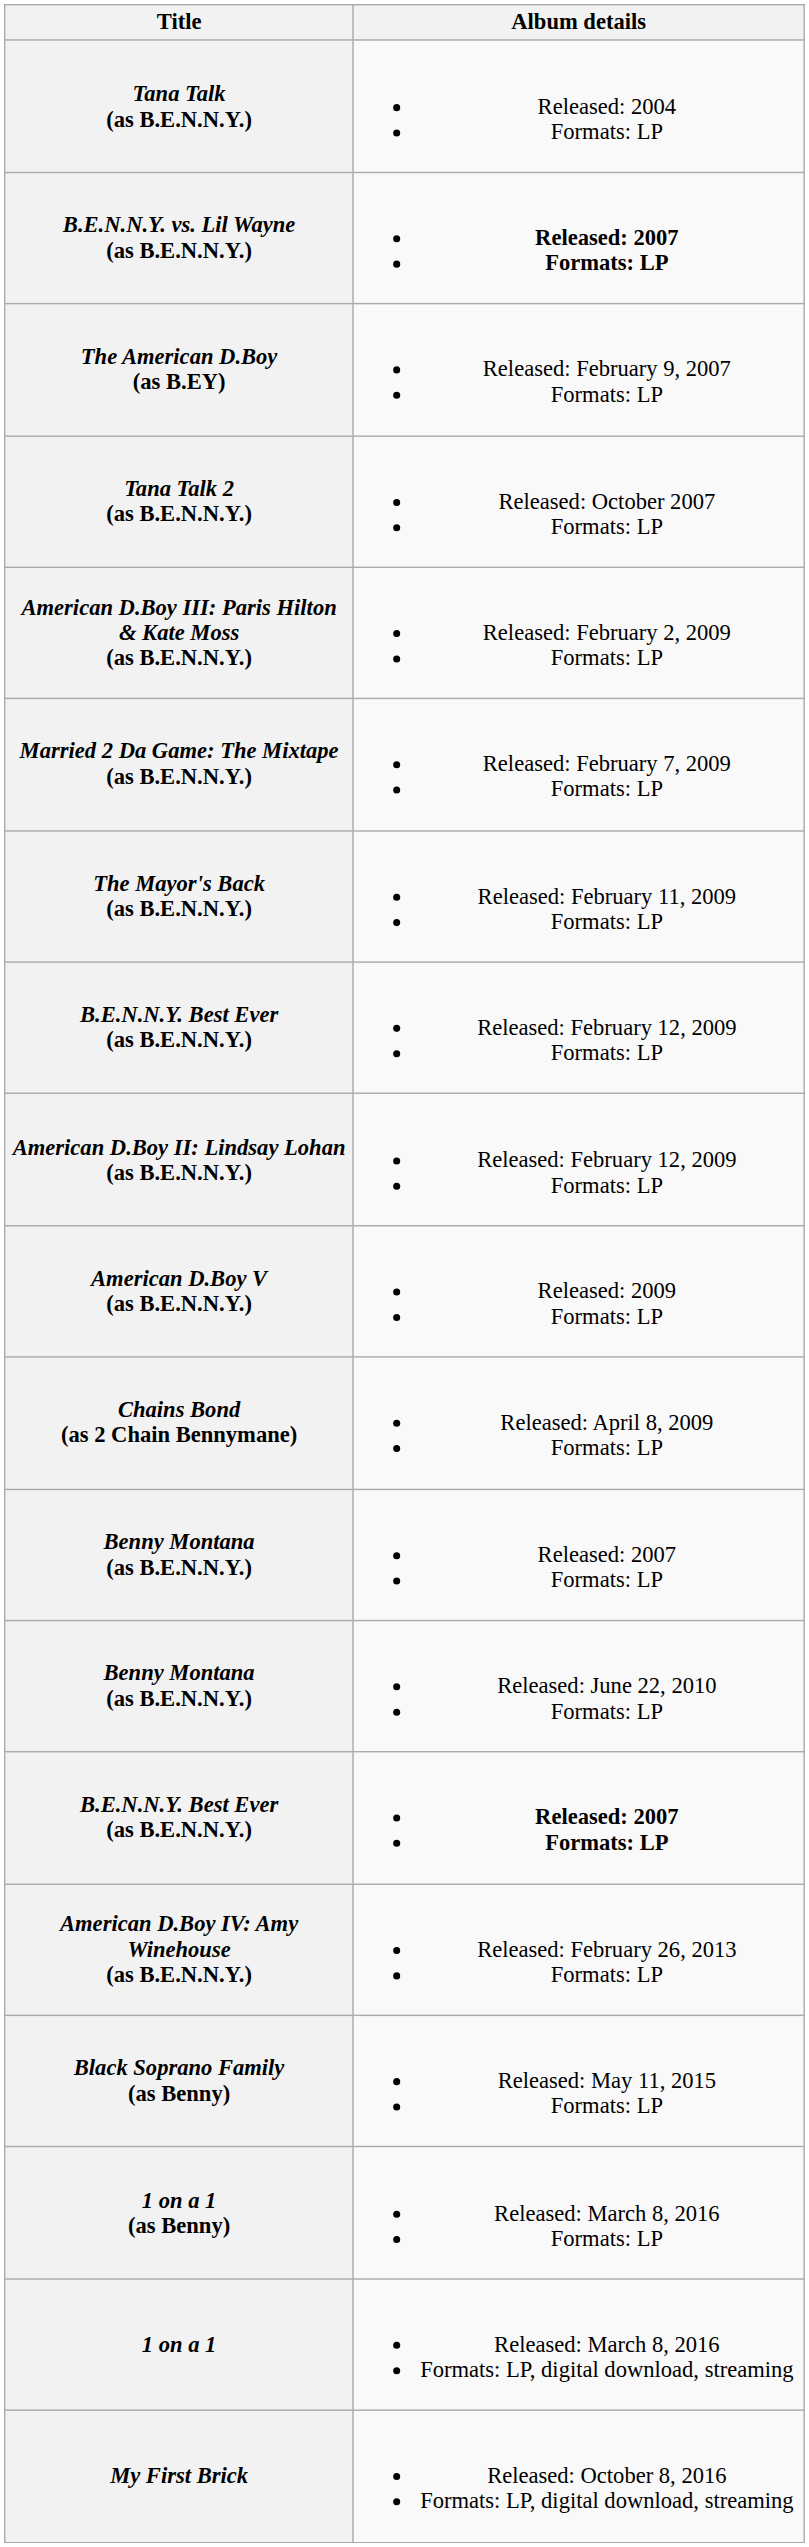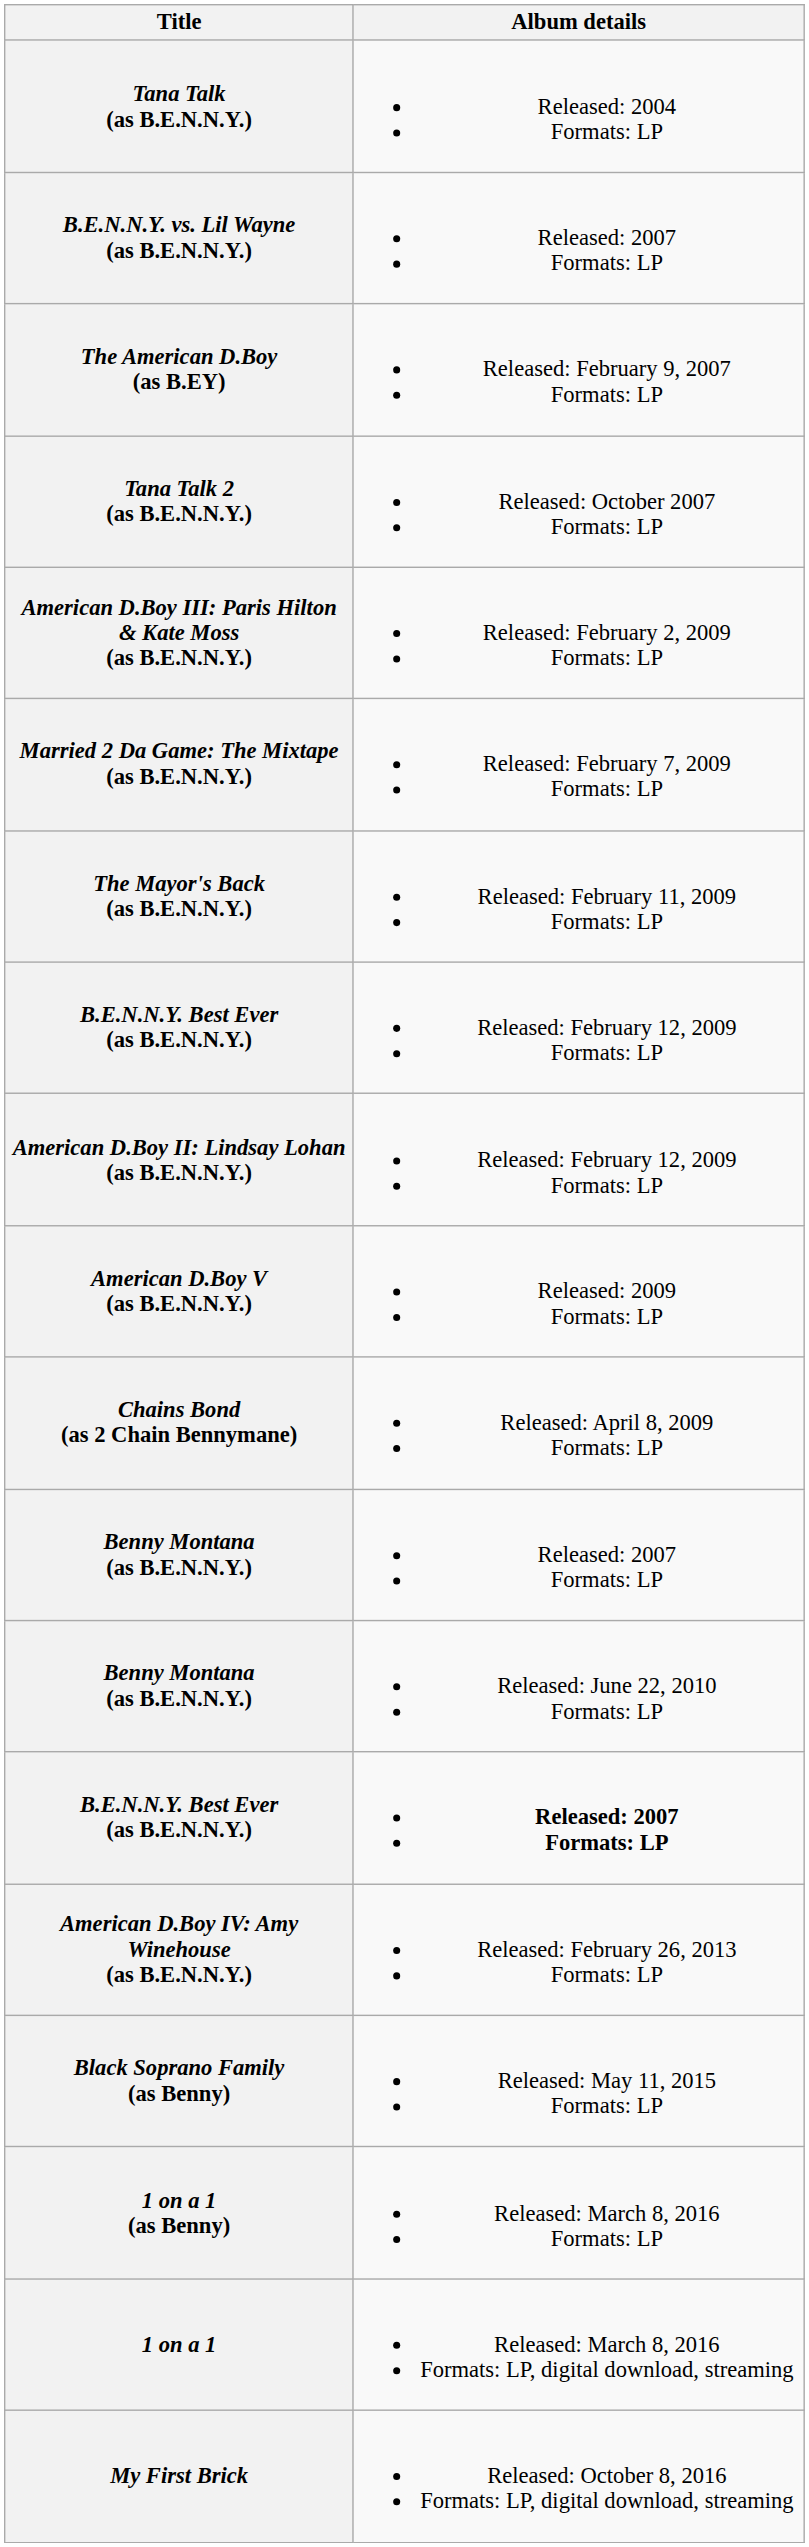 <table class="wikitable plainrowheaders" style="text-align:center;">
 <tr>
 <th scope="col" rowspan="1" style="width:15em;">Title</th>
 <th scope="col" rowspan="1" style="width:19.5em;">Album details</th>
 </tr>
 <tr>
 <th scope="row"><em>Tana Talk</em><br><span>(as B.E.N.N.Y.)</span></th>
 <td><br><ul><li>Released: 2004</li><li>Formats: LP</li></ul></td>
 </tr>
 <tr>
 <th scope="row"><em>B.E.N.N.Y. vs. Lil Wayne</em><br><span>(as B.E.N.N.Y.)</span></th>
-<td><strong><br><ul><li>Released: 2007</li><li>Formats: LP</li></ul></strong></td>
+<td><br><ul><li>Released: 2007</li><li>Formats: LP</li></ul></td>
 </tr>
 <tr>
 <th scope="row"><em>The American D.Boy</em><br><span>(as B.EY)</span></th>
 <td><br><ul><li>Released: February 9, 2007</li><li>Formats: LP</li></ul></td>
 </tr>
 <tr>
 <th scope="row"><em>Tana Talk 2</em><br><span>(as B.E.N.N.Y.)</span></th>
 <td><br><ul><li>Released: October 2007</li><li>Formats: LP</li></ul></td>
 </tr>
 <tr>
 <th scope="row"><em>American D.Boy III: Paris Hilton & Kate Moss</em><br><span>(as B.E.N.N.Y.)</span></th>
 <td><br><ul><li>Released: February 2, 2009</li><li>Formats: LP</li></ul></td>
 </tr>
 <tr>
 <th scope="row"><em>Married 2 Da Game: The Mixtape</em><br><span>(as B.E.N.N.Y.)</span></th>
 <td><br><ul><li>Released: February 7, 2009</li><li>Formats: LP</li></ul></td>
 </tr>
 <tr>
 <th scope="row"><em>The Mayor's Back</em><br><span>(as B.E.N.N.Y.)</span></th>
 <td><br><ul><li>Released: February 11, 2009</li><li>Formats: LP</li></ul></td>
 </tr>
 <tr>
 <th scope="row"><em>B.E.N.N.Y. Best Ever</em><br><span>(as B.E.N.N.Y.)</span></th>
 <td><br><ul><li>Released: February 12, 2009</li><li>Formats: LP</li></ul></td>
 </tr>
 <tr>
 <th scope="row"><em>American D.Boy II: Lindsay Lohan</em><br><span>(as B.E.N.N.Y.)</span></th>
 <td><br><ul><li>Released: February 12, 2009</li><li>Formats: LP</li></ul></td>
 </tr>
 <tr>
 <th scope="row"><em>American D.Boy V</em><br><span>(as B.E.N.N.Y.)</span></th>
 <td><br><ul><li>Released: 2009</li><li>Formats: LP</li></ul></td>
 </tr>
 <tr>
 <th scope="row"><em>Chains Bond</em><br><span>(as 2 Chain Bennymane)</span></th>
 <td><br><ul><li>Released: April 8, 2009</li><li>Formats: LP</li></ul></td>
 </tr>
 <tr>
 <th scope="row"><em>Benny Montana</em><br><span>(as B.E.N.N.Y.)</span></th>
 <td><br><ul><li>Released: 2007</li><li>Formats: LP</li></ul></td>
 </tr>
 <tr>
 <th scope="row"><em>Benny Montana</em><br><span>(as B.E.N.N.Y.)</span></th>
 <td><br><ul><li>Released: June 22, 2010</li><li>Formats: LP</li></ul></td>
 </tr>
 <tr>
 <th scope="row"><em>B.E.N.N.Y. Best Ever</em><br><span>(as B.E.N.N.Y.)</span></th>
 <td><strong><br><ul><li>Released: 2007</li><li>Formats: LP</li></ul></strong></td>
 </tr>
 <tr>
 <th scope="row"><em>American D.Boy IV: Amy Winehouse</em><br><span>(as B.E.N.N.Y.)</span></th>
 <td><br><ul><li>Released: February 26, 2013</li><li>Formats: LP</li></ul></td>
 </tr>
 <tr>
 <th scope="row"><em>Black Soprano Family</em><br><span>(as Benny)</span></th>
 <td><br><ul><li>Released: May 11, 2015</li><li>Formats: LP</li></ul></td>
 </tr>
 <tr>
 <th scope="row"><em>1 on a 1</em><br><span>(as Benny)</span></th>
 <td><br><ul><li>Released: March 8, 2016</li><li>Formats: LP</li></ul></td>
 </tr>
 <tr>
 <th scope="row"><em>1 on a 1</em></th>
 <td><br><ul><li>Released: March 8, 2016</li><li>Formats: LP, digital download, streaming</li></ul></td>
 </tr>
 <tr>
 <th scope="row"><em>My First Brick</em></th>
 <td><br><ul><li>Released: October 8, 2016</li><li>Formats: LP, digital download, streaming</li></ul></td>
 </tr>
 </table>
